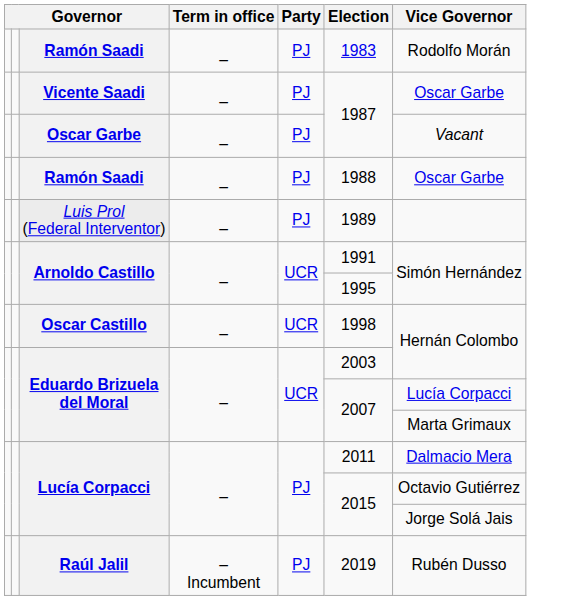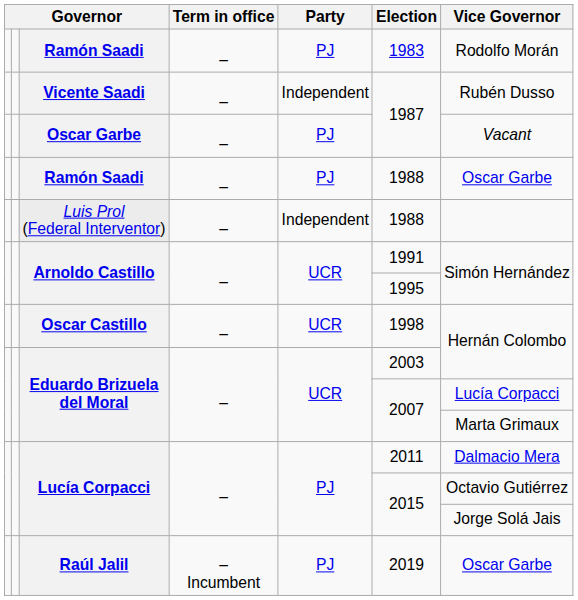 <table class="wikitable sortable" style="text-align: center;">
 <tr>
 <th scope="col" colspan="3">Governor</th>
 <th scope="col">Term in office</th>
 <th scope="col">Party</th>
 <th scope="col">Election</th>
 <th scope="col">Vice Governor</th>
 </tr>
 <tr style="height:2em;">
 <td data-sort-value="Saadi, Ramón"></td>
 <td style="background:"></td>
 <th scope="row"><a href='#'>Ramón Saadi</a></th>
 <td><br>–<br></td>
 <td><a href='#'>PJ</a></td>
 <td><a href='#'>1983</a></td>
 <td data-sort-value="Morán, Rodolfo">Rodolfo Morán</td>
 </tr>
 <tr style="height:2em;">
 <td data-sort-value="Saadi, Vicente"></td>
 <td style="background:"></td>
 <th scope="row"><a href='#'>Vicente Saadi</a></th>
 <td><br>–<br></td>
-<td><a href='#'>PJ</a></td>
+<td>Independent</td>
 <td rowspan="2">1987</td>
-<td data-sort-value="Garbe, Oscar"><a href='#'>Oscar Garbe</a></td>
+<td data-sort-value="Dusso, Rubén">Rubén Dusso</td>
 </tr>
 <tr style="height:2em;">
 <td data-sort-value="Garbe, Oscar"></td>
 <td style="background:"></td>
 <th scope="row"><a href='#'>Oscar Garbe</a></th>
 <td><br>–<br></td>
 <td><a href='#'>PJ</a></td>
 <td><em>Vacant</em></td>
 </tr>
 <tr style="height:2em;">
 <td data-sort-value="Saadi, Ramón"></td>
 <td style="background:"></td>
 <th scope="row"><a href='#'>Ramón Saadi</a></th>
 <td><br>–<br></td>
 <td><a href='#'>PJ</a></td>
 <td>1988</td>
 <td data-sort-value="Garbe, Oscar"><a href='#'>Oscar Garbe</a></td>
 </tr>
 <tr style="height:2em;">
 <td data-sort-value="Prol, Luis"></td>
 <td style="background:"></td>
 <td style="background:#ececec;" scope="row"><em><a href='#'>Luis Prol</a></em><br>(<a href='#'>Federal Interventor</a>)</td>
 <td><br>–<br></td>
-<td><a href='#'>PJ</a></td>
-<td>1989</td>
+<td>Independent</td>
+<td>1988</td>
 <td></td>
 </tr>
 <tr style="height:2em;">
 <td rowspan="2" data-sort-value="Castillo, Arnoldo"></td>
 <td rowspan="2" style="background:"></td>
 <th rowspan="2" scope="row"><a href='#'>Arnoldo Castillo</a></th>
 <td rowspan="2"><br>–<br></td>
 <td rowspan="2"><a href='#'>UCR</a></td>
 <td>1991</td>
 <td rowspan="2" data-sort-value="Hernández, Simón">Simón Hernández</td>
 </tr>
 <tr style="height:2em;">
 <td>1995</td>
 </tr>
 <tr style="height:2em;">
 <td data-sort-value="Castillo, Oscar"></td>
 <td style="background:"></td>
 <th scope="row"><a href='#'>Oscar Castillo</a></th>
 <td><br>–<br></td>
 <td><a href='#'>UCR</a></td>
 <td>1998</td>
 <td rowspan="2" data-sort-value="Colombo, Hernán">Hernán Colombo</td>
 </tr>
 <tr style="height:2em;">
 <td rowspan="3" data-sort-value="Brizuela del Moral, Eduardo"></td>
 <td rowspan="3" style="background:"></td>
 <th rowspan="3" scope="row"><a href='#'>Eduardo Brizuela<br>del Moral</a></th>
 <td rowspan="3"><br>–<br></td>
 <td rowspan="3"><a href='#'>UCR</a></td>
 <td>2003</td>
 </tr>
 <tr style="height:2em;">
 <td rowspan="2">2007</td>
 <td data-sort-value="Corpacci, Lucía"><a href='#'>Lucía Corpacci</a></td>
 </tr>
 <tr style="height:2em;">
 <td data-sort-value="Grimaux, Marta">Marta Grimaux</td>
 </tr>
 <tr style="height:2em;">
 <td rowspan="3" data-sort-value="Corpacci, Lucía"></td>
 <td rowspan="3" style="background:"></td>
 <th rowspan="3" scope="row"><a href='#'>Lucía Corpacci</a></th>
 <td rowspan="3"><br>–<br></td>
 <td rowspan="3"><a href='#'>PJ</a></td>
 <td>2011</td>
 <td data-sort-value="Mera, Dalmacio"><a href='#'>Dalmacio Mera</a></td>
 </tr>
 <tr style="height:2em;">
 <td rowspan="2">2015</td>
 <td data-sort-value="Gutiérrez, Octavio">Octavio Gutiérrez</td>
 </tr>
 <tr style="height:2em;">
 <td data-sort-value="Solá Jais, Jorge">Jorge Solá Jais</td>
 </tr>
 <tr style="height:2em;">
 <td data-sort-value="Jalil, Raúl"></td>
 <td style="background:"></td>
 <th scope="row"><a href='#'>Raúl Jalil</a></th>
 <td><br>–<br>Incumbent</td>
 <td><a href='#'>PJ</a></td>
 <td>2019</td>
-<td data-sort-value="Dusso, Rubén">Rubén Dusso</td>
+<td data-sort-value="Garbe, Oscar"><a href='#'>Oscar Garbe</a></td>
 </tr>
 </table>
